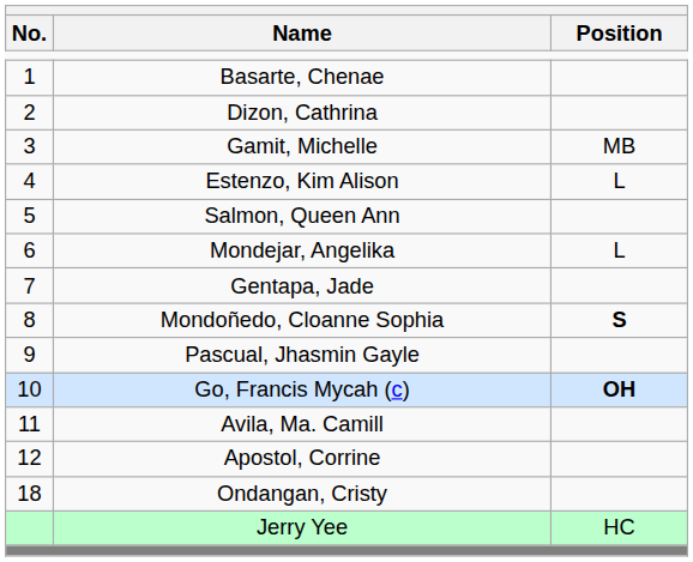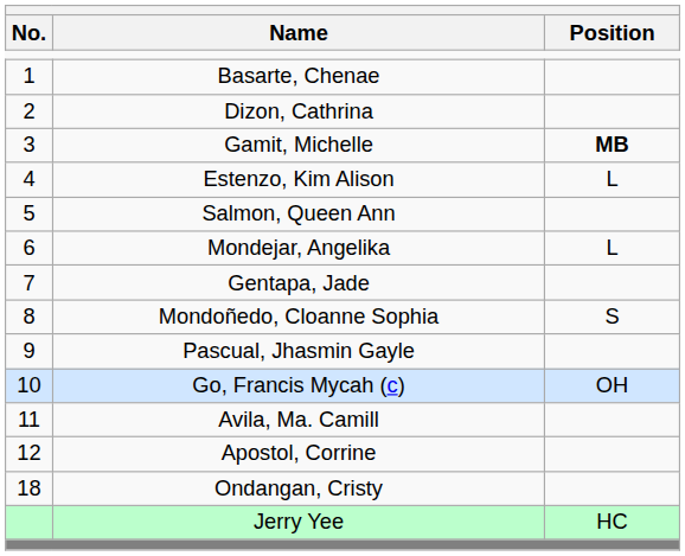 <table class='wikitable mw-collapsible mw-collapsed' style='text-align: center; width: 500px; border: none;'>
 <tr>
 <th style='text-align: left;' colspan=3></th>
 </tr>
 <tr>
 <th style='width: 7%;'>No.</th>
 <th>Name</th>
 <th style='width: 20%;'>Position</th>
 </tr>
 <tr>
 <td style='border: none;'></td>
 </tr>
 <tr>
 <td>1</td>
 <td>Basarte, Chenae</td>
 <td></td>
 </tr>
 <tr>
 <td>2</td>
 <td>Dizon, Cathrina</td>
 <td></td>
 </tr>
 <tr>
 <td>3</td>
 <td>Gamit, Michelle</td>
-<td>MB</td>
+<td><strong>MB</strong></td>
 </tr>
 <tr>
 <td>4</td>
 <td>Estenzo, Kim Alison</td>
 <td>L</td>
 </tr>
 <tr>
 <td>5</td>
 <td>Salmon, Queen Ann</td>
 <td></td>
 </tr>
 <tr>
 <td>6</td>
 <td>Mondejar, Angelika</td>
 <td>L</td>
 </tr>
 <tr>
 <td>7</td>
 <td>Gentapa, Jade</td>
 <td></td>
 </tr>
 <tr>
 <td>8</td>
 <td>Mondoñedo, Cloanne Sophia</td>
-<td><strong>S</strong></td>
+<td>S</td>
 </tr>
 <tr>
 <td>9</td>
 <td>Pascual, Jhasmin Gayle</td>
 <td></td>
 </tr>
 <tr bgcolor=#D0E6FF>
 <td>10</td>
 <td>Go, Francis Mycah (<a href='#'>c</a>)</td>
-<td><strong>OH</strong></td>
+<td>OH</td>
 </tr>
 <tr>
 <td>11</td>
 <td>Avila, Ma. Camill</td>
 <td></td>
 </tr>
 <tr>
 <td>12</td>
 <td>Apostol, Corrine</td>
 <td></td>
 </tr>
 <tr>
 <td>18</td>
 <td>Ondangan, Cristy</td>
 <td></td>
 </tr>
 <tr bgcolor=#BBFFCC>
 <td></td>
 <td>Jerry Yee</td>
 <td>HC</td>
 </tr>
 <tr>
 <th style='background: grey;' colspan=3></th>
 </tr>
 </table>
